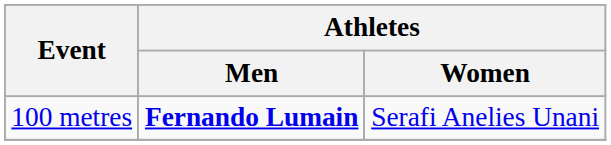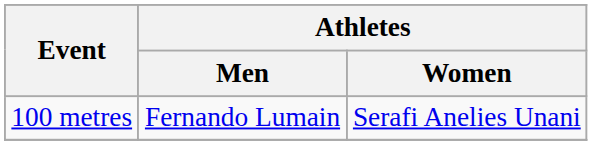 <table class=wikitable style="font-size:90%">
 <tr>
 <th rowspan=2>Event</th>
 <th colspan=2>Athletes</th>
 </tr>
 <tr>
 <th>Men</th>
 <th>Women</th>
 </tr>
 <tr>
 <td><a href='#'>100 metres</a></td>
-<td><strong><a href='#'>Fernando Lumain</a></strong></td>
+<td><a href='#'>Fernando Lumain</a></td>
 <td><a href='#'>Serafi Anelies Unani</a></td>
 </tr>
 <tr>
 </tr>
 </table>
